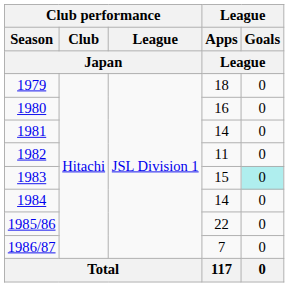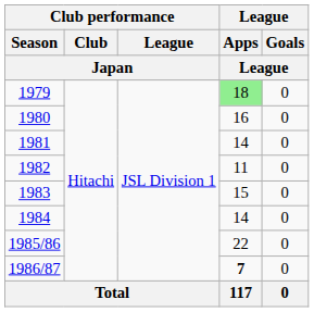 <table class="wikitable" style="text-align:center;">
 <tr>
 <th colspan=3>Club performance</th>
 <th colspan=2>League</th>
 </tr>
 <tr>
 <th>Season</th>
 <th>Club</th>
 <th>League</th>
 <th>Apps</th>
 <th>Goals</th>
 </tr>
 <tr>
 <th colspan=3>Japan</th>
 <th colspan=2>League</th>
 </tr>
 <tr>
 <td><a href='#'>1979</a></td>
 <td rowspan="8"><a href='#'>Hitachi</a></td>
 <td rowspan="8"><a href='#'>JSL Division 1</a></td>
-<td>18</td>
+<td style="background: lightgreen;">18</td>
 <td>0</td>
 </tr>
 <tr>
 <td><a href='#'>1980</a></td>
 <td>16</td>
 <td>0</td>
 </tr>
 <tr>
 <td><a href='#'>1981</a></td>
 <td>14</td>
 <td>0</td>
 </tr>
 <tr>
 <td><a href='#'>1982</a></td>
 <td>11</td>
 <td>0</td>
 </tr>
 <tr>
 <td><a href='#'>1983</a></td>
 <td>15</td>
-<td style="background: paleturquoise;">0</td>
+<td>0</td>
 </tr>
 <tr>
 <td><a href='#'>1984</a></td>
 <td>14</td>
 <td>0</td>
 </tr>
 <tr>
 <td><a href='#'>1985/86</a></td>
 <td>22</td>
 <td>0</td>
 </tr>
 <tr>
 <td><a href='#'>1986/87</a></td>
-<td>7</td>
+<td><strong>7</strong></td>
 <td>0</td>
 </tr>
 <tr>
 <th colspan=3>Total</th>
 <th>117</th>
 <th>0</th>
 </tr>
 </table>
